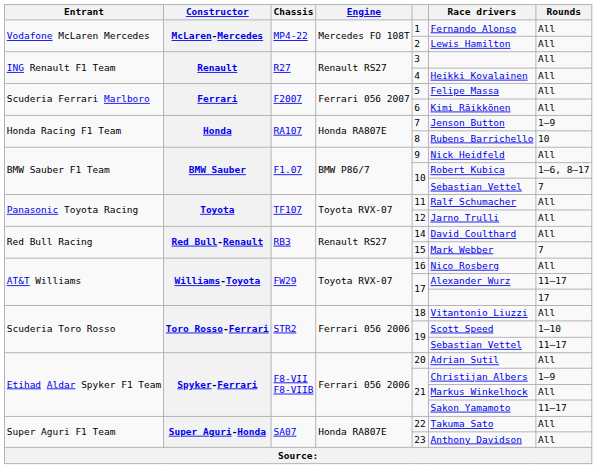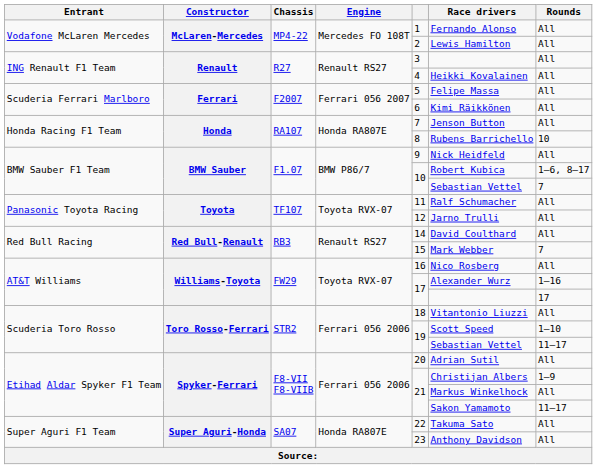 <table class="wikitable sortable" style="font-size: 85%">
 <tr>
 <th>Entrant</th>
 <th><a href='#'>Constructor</a></th>
 <th>Chassis</th>
 <th><a href='#'>Engine</a></th>
 <th></th>
 <th>Race drivers</th>
 <th>Rounds</th>
 </tr>
 <tr>
 <td rowspan=2 nowrap> <a href='#'>Vodafone</a> McLaren Mercedes</td>
 <th rowspan=2 nowrap><a href='#'>McLaren</a>-<a href='#'>Mercedes</a></th>
 <td rowspan=2 nowrap><a href='#'>MP4-22</a></td>
 <td rowspan=2 nowrap>Mercedes FO 108T</td>
 <td>1</td>
 <td> <a href='#'>Fernando Alonso</a></td>
 <td>All</td>
 </tr>
 <tr>
 <td>2</td>
 <td> <a href='#'>Lewis Hamilton</a></td>
 <td>All</td>
 </tr>
 <tr>
 <td rowspan=2> <a href='#'>ING</a> Renault F1 Team</td>
 <th rowspan=2><a href='#'>Renault</a></th>
 <td rowspan=2><a href='#'>R27</a></td>
 <td rowspan=2>Renault RS27</td>
 <td>3</td>
 <td></td>
 <td>All</td>
 </tr>
 <tr>
 <td>4</td>
 <td> <a href='#'>Heikki Kovalainen</a></td>
 <td>All</td>
 </tr>
 <tr>
 <td rowspan=2> Scuderia Ferrari <a href='#'>Marlboro</a></td>
 <th rowspan=2><a href='#'>Ferrari</a></th>
 <td rowspan=2><a href='#'>F2007</a></td>
 <td rowspan=2>Ferrari 056 2007</td>
 <td>5</td>
 <td> <a href='#'>Felipe Massa</a></td>
 <td>All</td>
 </tr>
 <tr>
 <td>6</td>
 <td> <a href='#'>Kimi Räikkönen</a></td>
 <td>All</td>
 </tr>
 <tr>
 <td rowspan=2> Honda Racing F1 Team</td>
 <th rowspan=2><a href='#'>Honda</a></th>
 <td rowspan=2><a href='#'>RA107</a></td>
 <td rowspan=2>Honda RA807E</td>
 <td>7</td>
 <td> <a href='#'>Jenson Button</a></td>
-<td>1–9</td>
+<td>All</td>
 </tr>
 <tr>
 <td>8</td>
 <td> <a href='#'>Rubens Barrichello</a></td>
 <td>10</td>
 </tr>
 <tr>
 <td rowspan=3> BMW Sauber F1 Team</td>
 <th rowspan=3><a href='#'>BMW Sauber</a></th>
 <td rowspan=3><a href='#'>F1.07</a></td>
 <td rowspan=3>BMW P86/7</td>
 <td>9</td>
 <td> <a href='#'>Nick Heidfeld</a></td>
 <td>All</td>
 </tr>
 <tr>
 <td rowspan=2>10</td>
 <td> <a href='#'>Robert Kubica</a></td>
 <td nowrap>1–6, 8–17</td>
 </tr>
 <tr>
 <td> <a href='#'>Sebastian Vettel</a></td>
 <td>7</td>
 </tr>
 <tr>
 <td rowspan=2> <a href='#'>Panasonic</a> Toyota Racing</td>
 <th rowspan=2><a href='#'>Toyota</a></th>
 <td rowspan=2><a href='#'>TF107</a></td>
 <td rowspan=2>Toyota RVX-07</td>
 <td>11</td>
 <td> <a href='#'>Ralf Schumacher</a></td>
 <td>All</td>
 </tr>
 <tr>
 <td>12</td>
 <td> <a href='#'>Jarno Trulli</a></td>
 <td>All</td>
 </tr>
 <tr>
 <td rowspan=2> Red Bull Racing</td>
 <th rowspan=2><a href='#'>Red Bull</a>-<a href='#'>Renault</a></th>
 <td rowspan=2><a href='#'>RB3</a></td>
 <td rowspan=2>Renault RS27</td>
 <td>14</td>
 <td> <a href='#'>David Coulthard</a></td>
 <td>All</td>
 </tr>
 <tr>
 <td>15</td>
 <td> <a href='#'>Mark Webber</a></td>
 <td>7</td>
 </tr>
 <tr>
 <td rowspan=3> <a href='#'>AT&T</a> Williams</td>
 <th rowspan=3><a href='#'>Williams</a>-<a href='#'>Toyota</a></th>
 <td rowspan=3><a href='#'>FW29</a></td>
 <td rowspan=3>Toyota RVX-07</td>
 <td>16</td>
 <td> <a href='#'>Nico Rosberg</a></td>
 <td>All</td>
 </tr>
 <tr>
 <td rowspan=2>17</td>
 <td> <a href='#'>Alexander Wurz</a></td>
-<td>11–17</td>
+<td>1–16</td>
 </tr>
 <tr>
 <td></td>
 <td>17</td>
 </tr>
 <tr>
 <td rowspan=3> Scuderia Toro Rosso</td>
 <th rowspan=3><a href='#'>Toro Rosso</a>-<a href='#'>Ferrari</a></th>
 <td rowspan=3><a href='#'>STR2</a></td>
 <td rowspan=3>Ferrari 056 2006</td>
 <td>18</td>
 <td> <a href='#'>Vitantonio Liuzzi</a></td>
 <td>All</td>
 </tr>
 <tr>
 <td rowspan=2>19</td>
 <td> <a href='#'>Scott Speed</a></td>
 <td>1–10</td>
 </tr>
 <tr>
 <td> <a href='#'>Sebastian Vettel</a></td>
 <td>11–17</td>
 </tr>
 <tr>
 <td rowspan=4> <a href='#'>Etihad</a> <a href='#'>Aldar</a> Spyker F1 Team</td>
 <th rowspan=4><a href='#'>Spyker</a>-<a href='#'>Ferrari</a></th>
 <td rowspan=4><a href='#'>F8-VII</a><br><a href='#'>F8-VIIB</a></td>
 <td rowspan=4>Ferrari 056 2006</td>
 <td>20</td>
 <td> <a href='#'>Adrian Sutil</a></td>
 <td>All</td>
 </tr>
 <tr>
 <td rowspan=3>21</td>
 <td> <a href='#'>Christijan Albers</a></td>
 <td>1–9</td>
 </tr>
 <tr>
 <td> <a href='#'>Markus Winkelhock</a></td>
 <td>All</td>
 </tr>
 <tr>
 <td> <a href='#'>Sakon Yamamoto</a></td>
 <td>11–17</td>
 </tr>
 <tr>
 <td rowspan=2> Super Aguri F1 Team</td>
 <th rowspan=2><a href='#'>Super Aguri</a>-<a href='#'>Honda</a></th>
 <td rowspan=2><a href='#'>SA07</a></td>
 <td rowspan=2>Honda RA807E</td>
 <td>22</td>
 <td> <a href='#'>Takuma Sato</a></td>
 <td>All</td>
 </tr>
 <tr>
 <td>23</td>
 <td> <a href='#'>Anthony Davidson</a></td>
 <td>All</td>
 </tr>
 <tr>
 <th colspan="9">Source:</th>
 </tr>
 </table>
